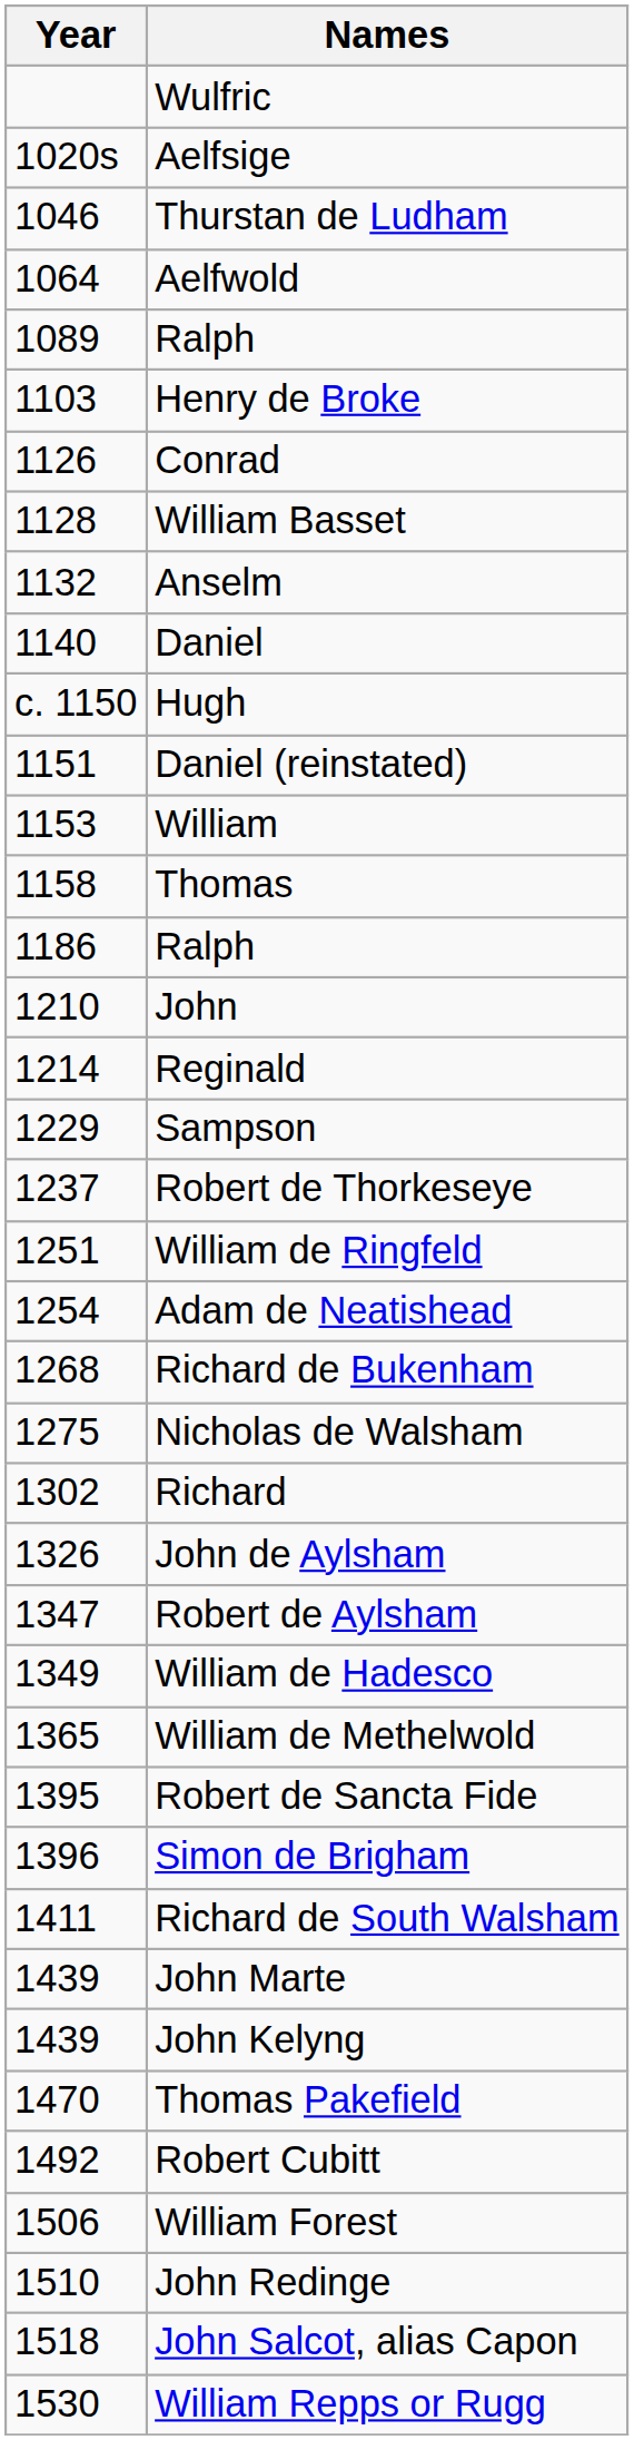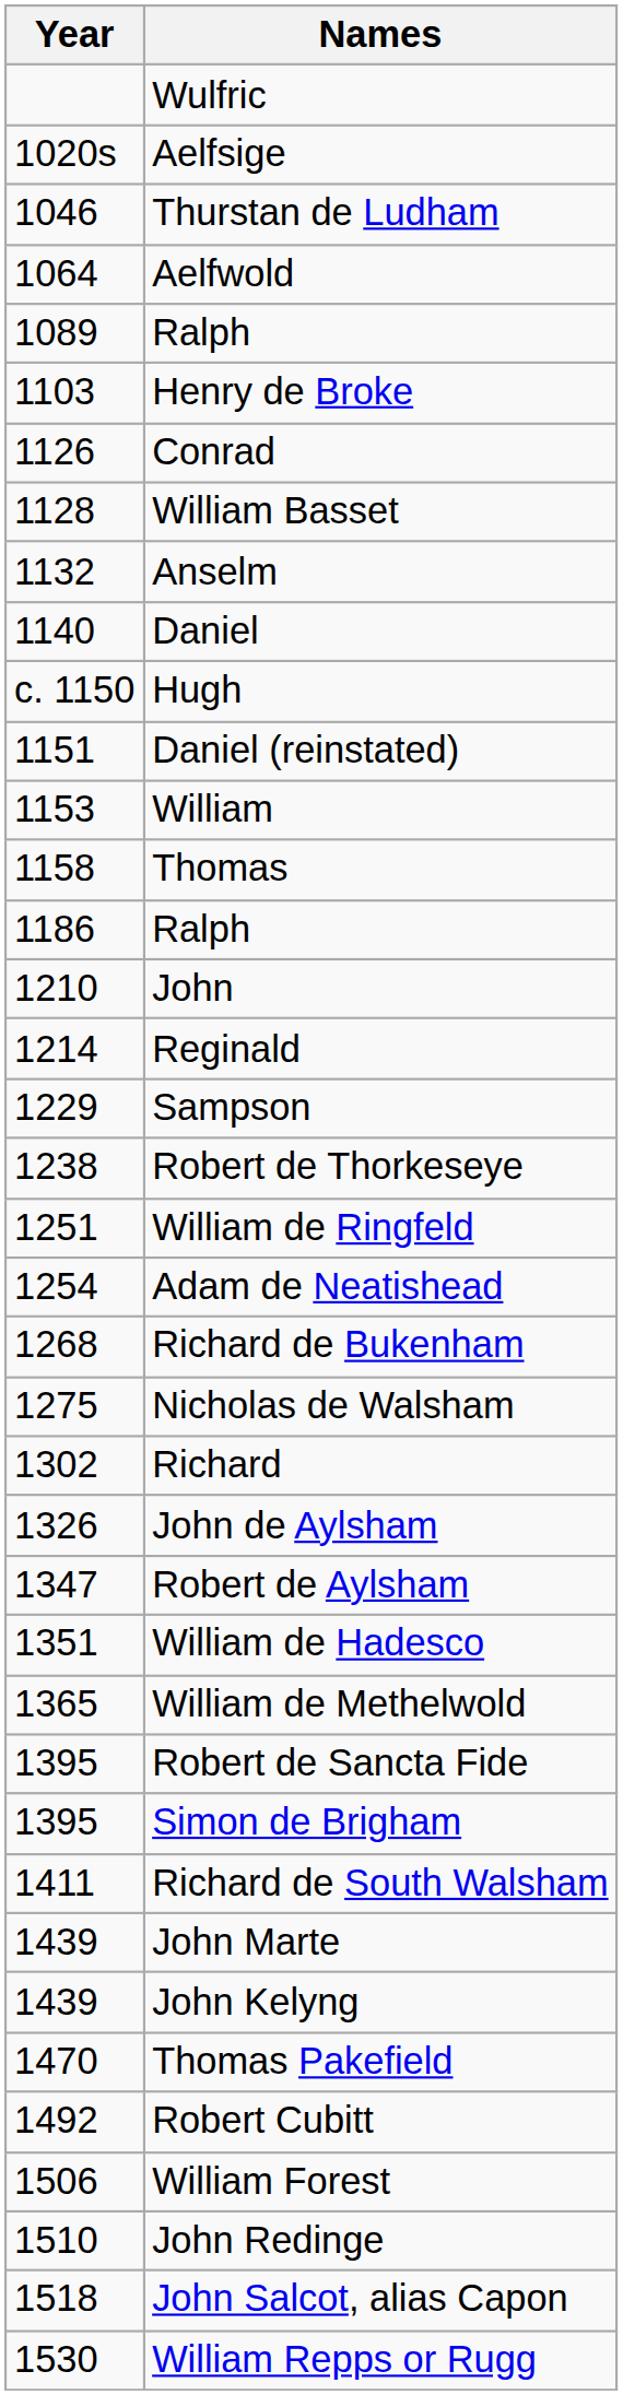 <table class="wikitable">
 <tr>
 <th>Year</th>
 <th>Names</th>
 </tr>
 <tr>
 <td></td>
 <td>Wulfric</td>
 </tr>
 <tr>
 <td>1020s</td>
 <td>Aelfsige</td>
 </tr>
 <tr>
 <td>1046</td>
 <td>Thurstan de <a href='#'>Ludham</a></td>
 </tr>
 <tr>
 <td>1064</td>
 <td>Aelfwold</td>
 </tr>
 <tr>
 <td>1089</td>
 <td>Ralph</td>
 </tr>
 <tr>
 <td>1103</td>
 <td>Henry de <a href='#'>Broke</a></td>
 </tr>
 <tr>
 <td>1126</td>
 <td>Conrad</td>
 </tr>
 <tr>
 <td>1128</td>
 <td>William Basset</td>
 </tr>
 <tr>
 <td>1132</td>
 <td>Anselm</td>
 </tr>
 <tr>
 <td>1140</td>
 <td>Daniel</td>
 </tr>
 <tr>
 <td>c. 1150</td>
 <td>Hugh</td>
 </tr>
 <tr>
 <td>1151</td>
 <td>Daniel (reinstated)</td>
 </tr>
 <tr>
 <td>1153</td>
 <td>William</td>
 </tr>
 <tr>
 <td>1158</td>
 <td>Thomas</td>
 </tr>
 <tr>
 <td>1186</td>
 <td>Ralph</td>
 </tr>
 <tr>
 <td>1210</td>
 <td>John</td>
 </tr>
 <tr>
 <td>1214</td>
 <td>Reginald</td>
 </tr>
 <tr>
 <td>1229</td>
 <td>Sampson</td>
 </tr>
 <tr>
-<td>1237</td>
+<td>1238</td>
 <td>Robert de Thorkeseye</td>
 </tr>
 <tr>
 <td>1251</td>
 <td>William de <a href='#'>Ringfeld</a></td>
 </tr>
 <tr>
 <td>1254</td>
 <td>Adam de <a href='#'>Neatishead</a></td>
 </tr>
 <tr>
 <td>1268</td>
 <td>Richard de <a href='#'>Bukenham</a></td>
 </tr>
 <tr>
 <td>1275</td>
 <td>Nicholas de Walsham</td>
 </tr>
 <tr>
 <td>1302</td>
 <td>Richard</td>
 </tr>
 <tr>
 <td>1326</td>
 <td>John de <a href='#'>Aylsham</a></td>
 </tr>
 <tr>
 <td>1347</td>
 <td>Robert de <a href='#'>Aylsham</a></td>
 </tr>
 <tr>
-<td>1349</td>
+<td>1351</td>
 <td>William de <a href='#'>Hadesco</a></td>
 </tr>
 <tr>
 <td>1365</td>
 <td>William de Methelwold</td>
 </tr>
 <tr>
 <td>1395</td>
 <td>Robert de Sancta Fide</td>
 </tr>
 <tr>
-<td>1396</td>
+<td>1395</td>
 <td><a href='#'>Simon de Brigham</a></td>
 </tr>
 <tr>
 <td>1411</td>
 <td>Richard de <a href='#'>South Walsham</a></td>
 </tr>
 <tr>
 <td>1439</td>
 <td>John Marte</td>
 </tr>
 <tr>
 <td>1439</td>
 <td>John Kelyng</td>
 </tr>
 <tr>
 <td>1470</td>
 <td>Thomas <a href='#'>Pakefield</a></td>
 </tr>
 <tr>
 <td>1492</td>
 <td>Robert Cubitt</td>
 </tr>
 <tr>
 <td>1506</td>
 <td>William Forest</td>
 </tr>
 <tr>
 <td>1510</td>
 <td>John Redinge</td>
 </tr>
 <tr>
 <td>1518</td>
 <td><a href='#'>John Salcot</a>, alias Capon</td>
 </tr>
 <tr>
 <td>1530</td>
 <td><a href='#'>William Repps or Rugg</a></td>
 </tr>
 </table>
